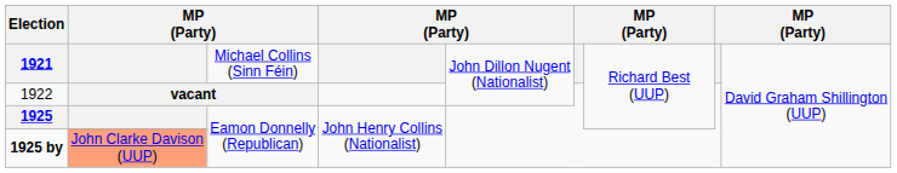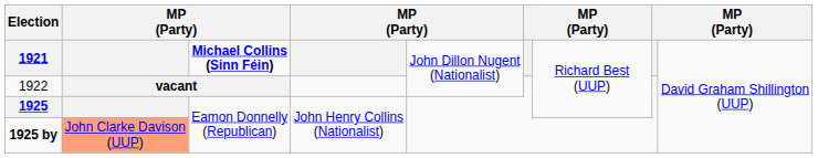 <table class="wikitable" style="text-align:center">
 <tr>
 <th>Election</th>
 <th scope="col" width="150" colspan = "2">MP<br> (Party)</th>
 <th scope="col" width="150" colspan = "2">MP<br> (Party)</th>
 <th scope="col" width="150" colspan = "2">MP<br> (Party)</th>
 <th scope="col" width="150" colspan = "2">MP<br> (Party)</th>
 </tr>
 <tr>
 <th><a href='#'>1921</a></th>
 <th style="background-color: "></th>
-<td [><a href='#'>Michael Collins</a><br>(<a href='#'>Sinn Féin</a>)</td>
+<td [><strong><a href='#'>Michael Collins</a><br>(<a href='#'>Sinn Féin</a>)</strong></td>
 <th style="background-color: "></th>
 <td rowspan=2><a href='#'>John Dillon Nugent</a> <br> (<a href='#'>Nationalist</a>)</td>
 <th style="background-color: "></th>
 <td rowspan="3"><a href='#'>Richard Best</a><br>(<a href='#'>UUP</a>)</td>
 <th style="background-color: "></th>
 <td rowspan=4><a href='#'>David Graham Shillington</a><br>(<a href='#'>UUP</a>)</td>
 </tr>
 <tr>
 <td>1922</td>
 <th colspan="2">vacant</th>
 </tr>
 <tr>
 <th><a href='#'>1925</a></th>
 <th style="background-color: "></th>
 <td rowspan=2><a href='#'>Eamon Donnelly</a><br>(<a href='#'>Republican</a>)</td>
 <td rowspan=2><a href='#'>John Henry Collins</a><br> (<a href='#'>Nationalist</a>)</td>
 </tr>
 <tr>
 <td><strong>1925 by</strong></td>
 <td style="background: lightsalmon;"><a href='#'>John Clarke Davison</a> <br> (<a href='#'>UUP</a>)</td>
 </tr>
 </table>
